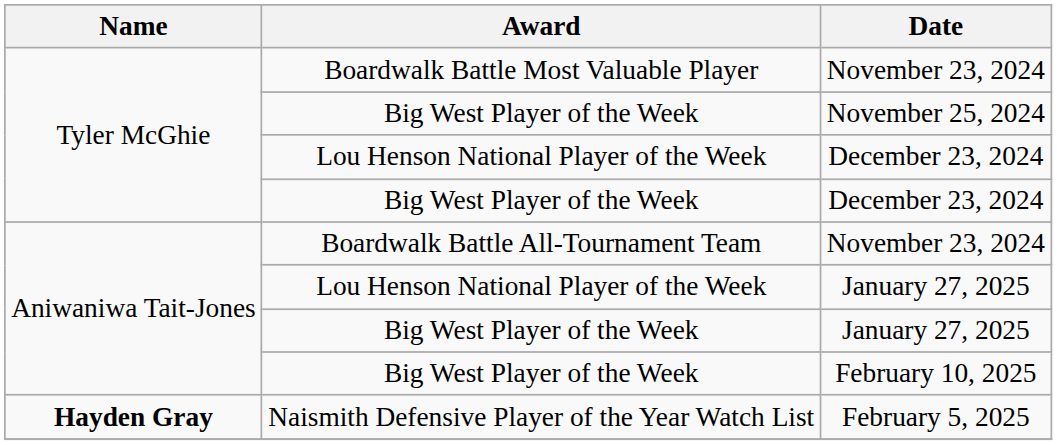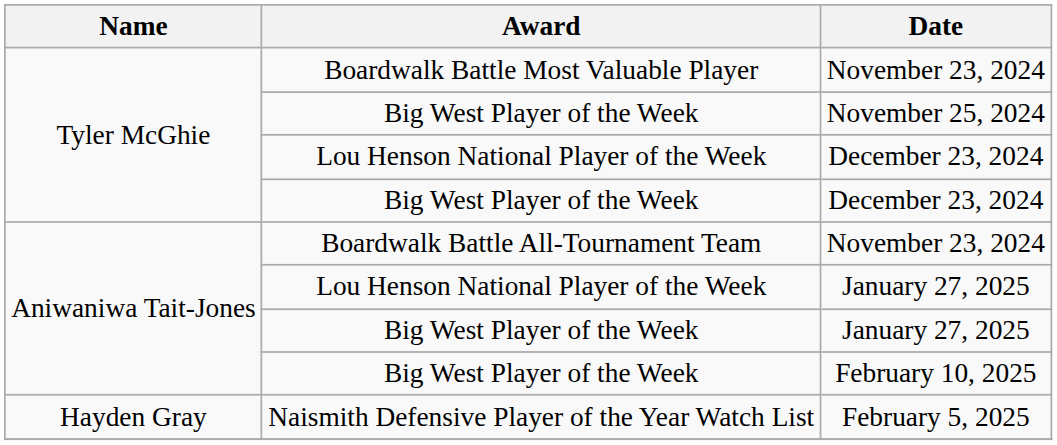 <table class=wikitable style="text-align: center">
 <tr align=center>
 <th style=>Name</th>
 <th style=>Award</th>
 <th style=>Date</th>
 </tr>
 <tr>
 <td rowspan=4>Tyler McGhie</td>
 <td>Boardwalk Battle Most Valuable Player</td>
 <td>November 23, 2024</td>
 </tr>
 <tr>
 <td>Big West Player of the Week</td>
 <td>November 25, 2024</td>
 </tr>
 <tr>
 <td>Lou Henson National Player of the Week</td>
 <td>December 23, 2024</td>
 </tr>
 <tr>
 <td>Big West Player of the Week</td>
 <td>December 23, 2024</td>
 </tr>
 <tr>
 <td rowspan=4>Aniwaniwa Tait-Jones</td>
 <td>Boardwalk Battle All-Tournament Team</td>
 <td>November 23, 2024</td>
 </tr>
 <tr>
 <td>Lou Henson National Player of the Week</td>
 <td>January 27, 2025</td>
 </tr>
 <tr>
 <td>Big West Player of the Week</td>
 <td>January 27, 2025</td>
 </tr>
 <tr>
 <td>Big West Player of the Week</td>
 <td>February 10, 2025</td>
 </tr>
 <tr>
-<td><strong>Hayden Gray</strong></td>
+<td>Hayden Gray</td>
 <td>Naismith Defensive Player of the Year Watch List</td>
 <td>February 5, 2025</td>
 </tr>
 <tr>
 </tr>
 </table>
